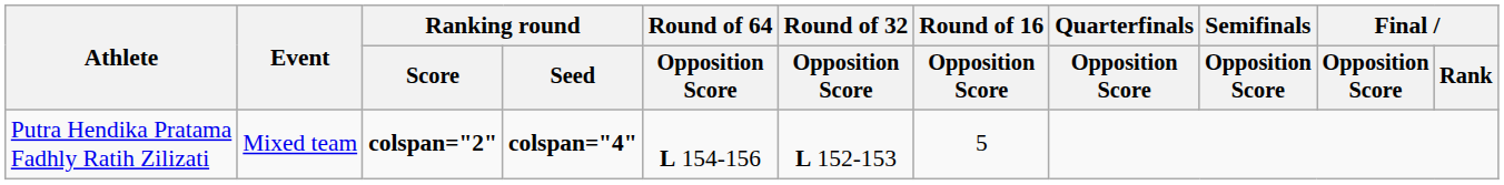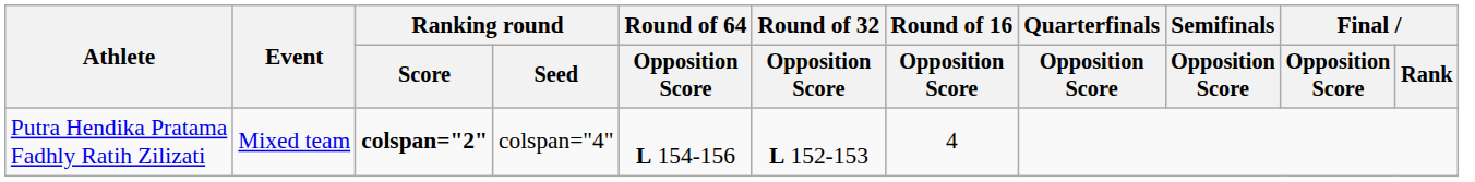 <table class=wikitable style=font-size:88%;text-align:center>
 <tr>
 <th rowspan=2>Athlete</th>
 <th rowspan=2>Event</th>
 <th colspan=2>Ranking round</th>
 <th>Round of 64</th>
 <th>Round of 32</th>
 <th>Round of 16</th>
 <th>Quarterfinals</th>
 <th>Semifinals</th>
 <th colspan=2>Final / </th>
 </tr>
 <tr style=font-size:95%>
 <th>Score</th>
 <th>Seed</th>
 <th>Opposition<br>Score</th>
 <th>Opposition<br>Score</th>
 <th>Opposition<br>Score</th>
 <th>Opposition<br>Score</th>
 <th>Opposition<br>Score</th>
 <th>Opposition<br>Score</th>
 <th>Rank</th>
 </tr>
 <tr>
 <td align=left><a href='#'>Putra Hendika Pratama</a><br><a href='#'>Fadhly Ratih Zilizati</a></td>
 <td align=left rowspan=3><a href='#'>Mixed team</a></td>
 <td><strong>colspan="2" </strong></td>
-<td><strong>colspan="4" </strong></td>
+<td>colspan="4" </td>
 <td><br><strong>L</strong> 154-156</td>
 <td><br><strong>L</strong> 152-153</td>
-<td>5</td>
+<td>4</td>
 </tr>
 </table>
